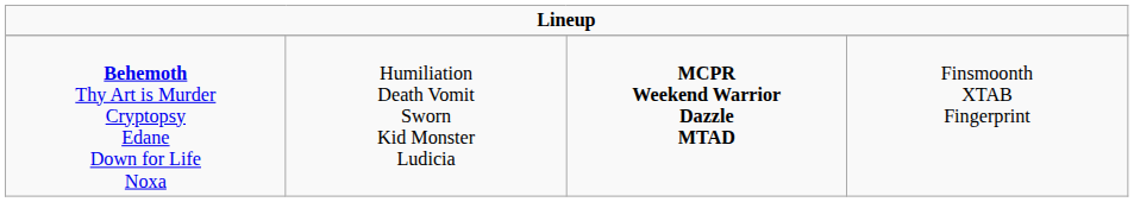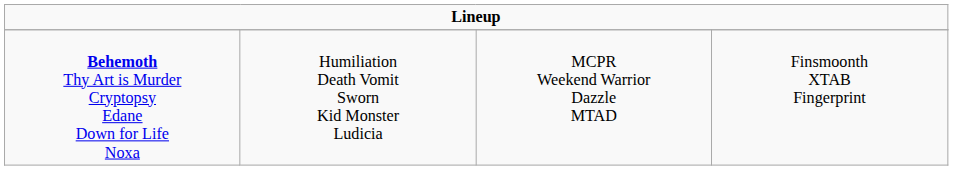 <table class="wikitable">
 <tr>
 <td colspan="4" align="center"><strong>Lineup</strong></td>
 </tr>
 <tr>
 </tr>
 <tr>
 <td valign="top" align="center" width=226><br><strong><a href='#'>Behemoth</a></strong><br> <a href='#'>Thy Art is Murder</a><br> <a href='#'>Cryptopsy</a><br> <a href='#'>Edane</a><br> <a href='#'>Down for Life</a><br> <a href='#'>Noxa</a><br></td>
 <td valign="top" align="center" width=226><br>Humiliation<br> Death Vomit<br> Sworn<br> Kid Monster<br> Ludicia<br></td>
-<td valign="top" align="center" width=226><strong><br>MCPR<br> Weekend Warrior<br> Dazzle<br> MTAD<br></strong></td>
+<td valign="top" align="center" width=226><br>MCPR<br> Weekend Warrior<br> Dazzle<br> MTAD<br></td>
 <td valign="top" align="center" width=226><br>Finsmoonth<br> XTAB<br> Fingerprint<br></td>
 </tr>
 </table>
